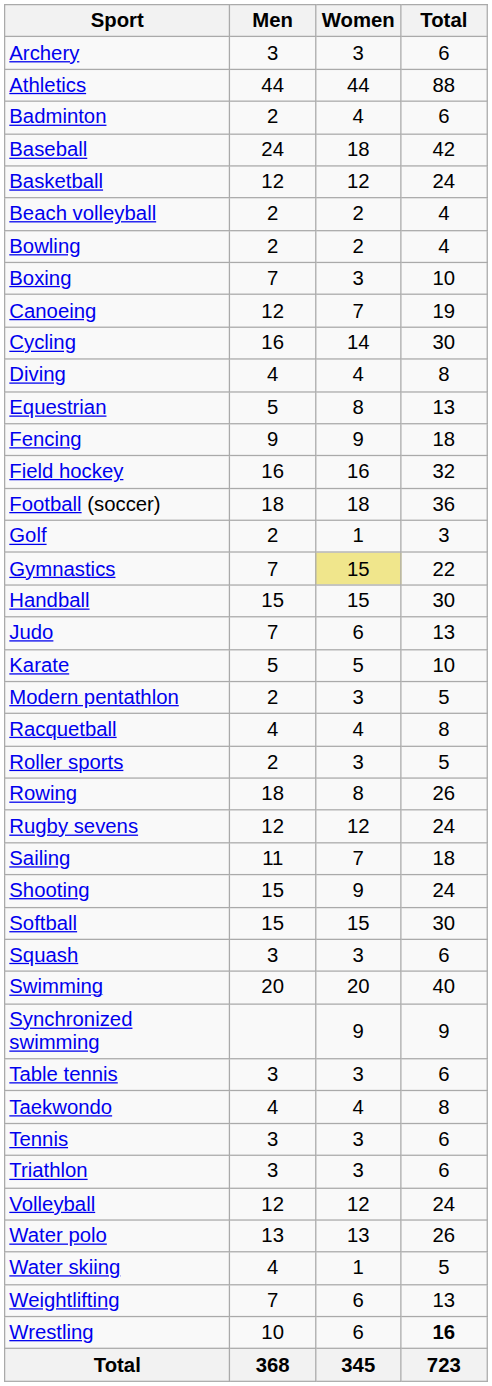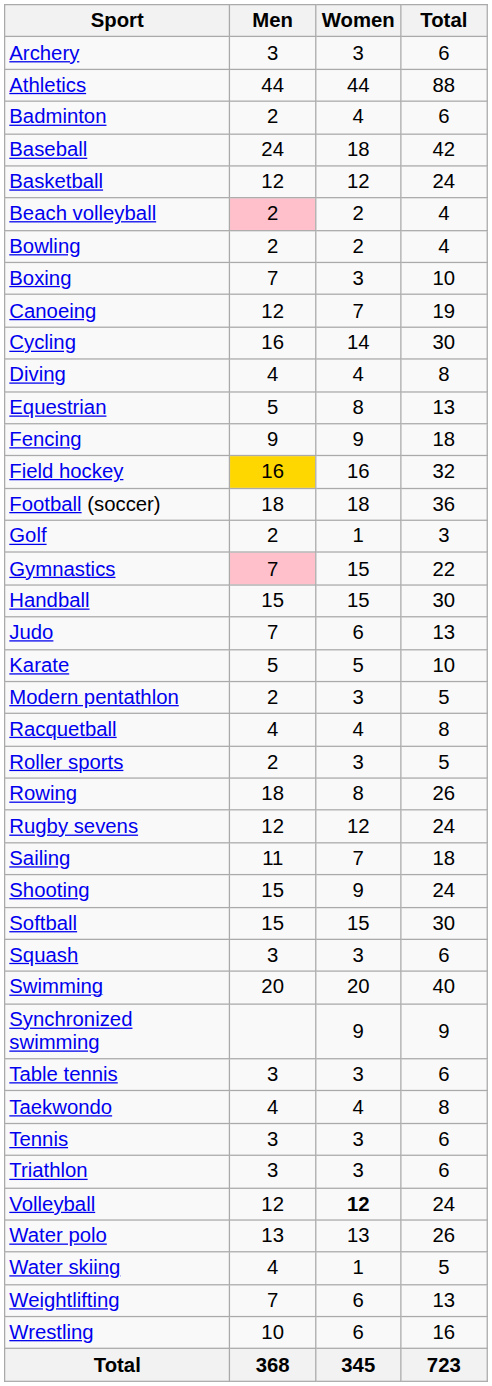 <table class="wikitable sortable" style="text-align:center; font-size: 100%">
 <tr>
 <th width=170>Sport</th>
 <th width=60>Men</th>
 <th width=60>Women</th>
 <th width=60>Total</th>
 </tr>
 <tr>
 <td align=left><a href='#'>Archery</a></td>
 <td>3</td>
 <td>3</td>
 <td>6</td>
 </tr>
 <tr>
 <td align=left><a href='#'>Athletics</a></td>
 <td>44</td>
 <td>44</td>
 <td>88</td>
 </tr>
 <tr>
 <td align=left><a href='#'>Badminton</a></td>
 <td>2</td>
 <td>4</td>
 <td>6</td>
 </tr>
 <tr>
 <td align=left><a href='#'>Baseball</a></td>
 <td>24</td>
 <td>18</td>
 <td>42</td>
 </tr>
 <tr>
 <td align=left><a href='#'>Basketball</a></td>
 <td>12</td>
 <td>12</td>
 <td>24</td>
 </tr>
 <tr>
 <td align=left><a href='#'>Beach volleyball</a></td>
-<td>2</td>
+<td style="background: pink;">2</td>
 <td>2</td>
 <td>4</td>
 </tr>
 <tr>
 <td align=left><a href='#'>Bowling</a></td>
 <td>2</td>
 <td>2</td>
 <td>4</td>
 </tr>
 <tr>
 <td align=left><a href='#'>Boxing</a></td>
 <td>7</td>
 <td>3</td>
 <td>10</td>
 </tr>
 <tr>
 <td align=left><a href='#'>Canoeing</a></td>
 <td>12</td>
 <td>7</td>
 <td>19</td>
 </tr>
 <tr>
 <td align=left><a href='#'>Cycling</a></td>
 <td>16</td>
 <td>14</td>
 <td>30</td>
 </tr>
 <tr>
 <td align=left><a href='#'>Diving</a></td>
 <td>4</td>
 <td>4</td>
 <td>8</td>
 </tr>
 <tr>
 <td align=left><a href='#'>Equestrian</a></td>
 <td>5</td>
 <td>8</td>
 <td>13</td>
 </tr>
 <tr>
 <td align=left><a href='#'>Fencing</a></td>
 <td>9</td>
 <td>9</td>
 <td>18</td>
 </tr>
 <tr>
 <td align=left><a href='#'>Field hockey</a></td>
-<td>16</td>
+<td style="background: gold;">16</td>
 <td>16</td>
 <td>32</td>
 </tr>
 <tr>
 <td align=left><a href='#'>Football</a> (soccer)</td>
 <td>18</td>
 <td>18</td>
 <td>36</td>
 </tr>
 <tr>
 <td align=left><a href='#'>Golf</a></td>
 <td>2</td>
 <td>1</td>
 <td>3</td>
 </tr>
 <tr>
 <td align=left><a href='#'>Gymnastics</a></td>
-<td>7</td>
-<td style="background: khaki;">15</td>
+<td style="background: pink;">7</td>
+<td>15</td>
 <td>22</td>
 </tr>
 <tr>
 <td align=left><a href='#'>Handball</a></td>
 <td>15</td>
 <td>15</td>
 <td>30</td>
 </tr>
 <tr>
 <td align=left><a href='#'>Judo</a></td>
 <td>7</td>
 <td>6</td>
 <td>13</td>
 </tr>
 <tr>
 <td align=left><a href='#'>Karate</a></td>
 <td>5</td>
 <td>5</td>
 <td>10</td>
 </tr>
 <tr>
 <td align=left><a href='#'>Modern pentathlon</a></td>
 <td>2</td>
 <td>3</td>
 <td>5</td>
 </tr>
 <tr>
 <td align=left><a href='#'>Racquetball</a></td>
 <td>4</td>
 <td>4</td>
 <td>8</td>
 </tr>
 <tr>
 <td align=left><a href='#'>Roller sports</a></td>
 <td>2</td>
 <td>3</td>
 <td>5</td>
 </tr>
 <tr>
 <td align=left><a href='#'>Rowing</a></td>
 <td>18</td>
 <td>8</td>
 <td>26</td>
 </tr>
 <tr>
 <td align=left><a href='#'>Rugby sevens</a></td>
 <td>12</td>
 <td>12</td>
 <td>24</td>
 </tr>
 <tr>
 <td align=left><a href='#'>Sailing</a></td>
 <td>11</td>
 <td>7</td>
 <td>18</td>
 </tr>
 <tr>
 <td align=left><a href='#'>Shooting</a></td>
 <td>15</td>
 <td>9</td>
 <td>24</td>
 </tr>
 <tr>
 <td align=left><a href='#'>Softball</a></td>
 <td>15</td>
 <td>15</td>
 <td>30</td>
 </tr>
 <tr>
 <td align=left><a href='#'>Squash</a></td>
 <td>3</td>
 <td>3</td>
 <td>6</td>
 </tr>
 <tr>
 <td align=left><a href='#'>Swimming</a></td>
 <td>20</td>
 <td>20</td>
 <td>40</td>
 </tr>
 <tr>
 <td align=left><a href='#'>Synchronized swimming</a></td>
 <td></td>
 <td>9</td>
 <td>9</td>
 </tr>
 <tr>
 <td align=left><a href='#'>Table tennis</a></td>
 <td>3</td>
 <td>3</td>
 <td>6</td>
 </tr>
 <tr>
 <td align=left><a href='#'>Taekwondo</a></td>
 <td>4</td>
 <td>4</td>
 <td>8</td>
 </tr>
 <tr>
 <td align=left><a href='#'>Tennis</a></td>
 <td>3</td>
 <td>3</td>
 <td>6</td>
 </tr>
 <tr>
 <td align=left><a href='#'>Triathlon</a></td>
 <td>3</td>
 <td>3</td>
 <td>6</td>
 </tr>
 <tr>
 <td align=left><a href='#'>Volleyball</a></td>
 <td>12</td>
-<td>12</td>
+<td><strong>12</strong></td>
 <td>24</td>
 </tr>
 <tr>
 <td align=left><a href='#'>Water polo</a></td>
 <td>13</td>
 <td>13</td>
 <td>26</td>
 </tr>
 <tr>
 <td align=left><a href='#'>Water skiing</a></td>
 <td>4</td>
 <td>1</td>
 <td>5</td>
 </tr>
 <tr>
 <td align=left><a href='#'>Weightlifting</a></td>
 <td>7</td>
 <td>6</td>
 <td>13</td>
 </tr>
 <tr>
 <td align=left><a href='#'>Wrestling</a></td>
 <td>10</td>
 <td>6</td>
-<td><strong>16</strong></td>
+<td>16</td>
 </tr>
 <tr>
 <th>Total</th>
 <th>368</th>
 <th>345</th>
 <th>723</th>
 </tr>
 </table>
